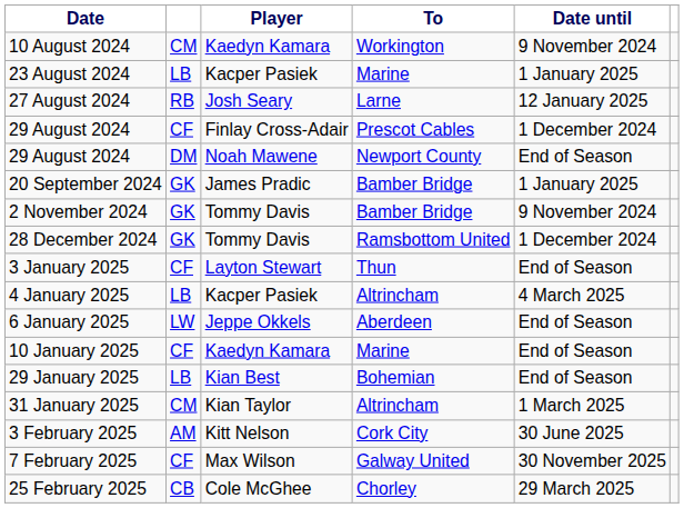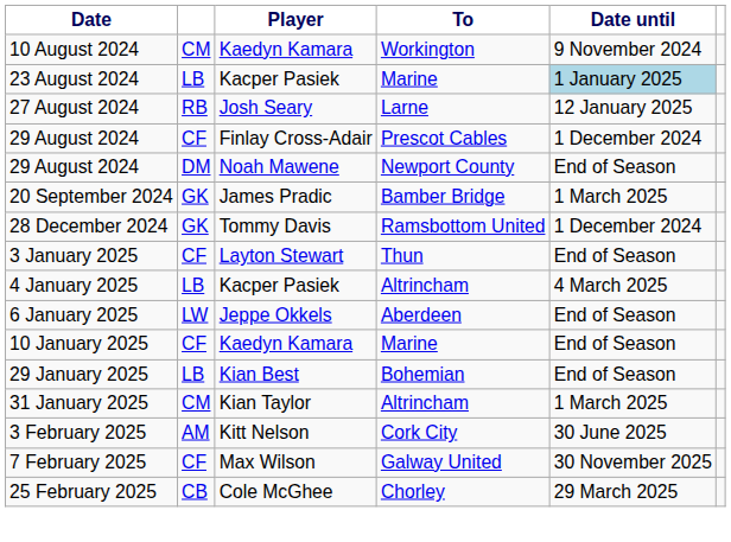 <table class="wikitable plainrowheaders sortable">
 <tr>
 <th style="background-color:#ffffff;color:#00005a; ">Date</th>
 <th style="background-color:#ffffff;color:#00005a; "></th>
 <th style="background-color:#ffffff;color:#00005a; ">Player</th>
 <th style="background-color:#ffffff;color:#00005a; ">To</th>
 <th style="background-color:#ffffff;color:#00005a; ">Date until</th>
 <th style="background-color:#ffffff;color:#00005a; "></th>
 </tr>
 <tr>
 <td>10 August 2024</td>
 <td><a href='#'>CM</a></td>
 <td> <a href='#'>Kaedyn Kamara</a></td>
 <td> <a href='#'>Workington</a></td>
 <td>9 November 2024</td>
 <td></td>
 </tr>
 <tr>
 <td>23 August 2024</td>
 <td><a href='#'>LB</a></td>
 <td> Kacper Pasiek</td>
 <td> <a href='#'>Marine</a></td>
-<td>1 January 2025</td>
+<td style="background: lightblue;">1 January 2025</td>
 <td></td>
 </tr>
 <tr>
 <td>27 August 2024</td>
 <td><a href='#'>RB</a></td>
 <td> <a href='#'>Josh Seary</a></td>
 <td> <a href='#'>Larne</a></td>
 <td>12 January 2025</td>
 <td></td>
 </tr>
 <tr>
 <td>29 August 2024</td>
 <td><a href='#'>CF</a></td>
 <td> Finlay Cross-Adair</td>
 <td> <a href='#'>Prescot Cables</a></td>
 <td>1 December 2024</td>
 <td></td>
 </tr>
 <tr>
 <td>29 August 2024</td>
 <td><a href='#'>DM</a></td>
 <td> <a href='#'>Noah Mawene</a></td>
 <td> <a href='#'>Newport County</a></td>
 <td>End of Season</td>
 <td></td>
 </tr>
 <tr>
 <td>20 September 2024</td>
 <td><a href='#'>GK</a></td>
 <td> James Pradic</td>
 <td> <a href='#'>Bamber Bridge</a></td>
-<td>1 January 2025</td>
-<td></td>
-</tr>
-<tr>
-<td>2 November 2024</td>
-<td><a href='#'>GK</a></td>
-<td> Tommy Davis</td>
-<td> <a href='#'>Bamber Bridge</a></td>
-<td>9 November 2024</td>
+<td>1 March 2025</td>
 <td></td>
 </tr>
 <tr>
 <td>28 December 2024</td>
 <td><a href='#'>GK</a></td>
 <td> Tommy Davis</td>
 <td> <a href='#'>Ramsbottom United</a></td>
 <td>1 December 2024</td>
 <td></td>
 </tr>
 <tr>
 <td>3 January 2025</td>
 <td><a href='#'>CF</a></td>
 <td> <a href='#'>Layton Stewart</a></td>
 <td> <a href='#'>Thun</a></td>
 <td>End of Season</td>
 <td></td>
 </tr>
 <tr>
 <td>4 January 2025</td>
 <td><a href='#'>LB</a></td>
 <td> Kacper Pasiek</td>
 <td> <a href='#'>Altrincham</a></td>
 <td>4 March 2025</td>
 <td></td>
 </tr>
 <tr>
 <td>6 January 2025</td>
 <td><a href='#'>LW</a></td>
 <td> <a href='#'>Jeppe Okkels</a></td>
 <td> <a href='#'>Aberdeen</a></td>
 <td>End of Season</td>
 <td></td>
 </tr>
 <tr>
 <td>10 January 2025</td>
 <td><a href='#'>CF</a></td>
 <td> <a href='#'>Kaedyn Kamara</a></td>
 <td> <a href='#'>Marine</a></td>
 <td>End of Season</td>
 <td></td>
 </tr>
 <tr>
 <td>29 January 2025</td>
 <td><a href='#'>LB</a></td>
 <td> <a href='#'>Kian Best</a></td>
 <td> <a href='#'>Bohemian</a></td>
 <td>End of Season</td>
 <td></td>
 </tr>
 <tr>
 <td>31 January 2025</td>
 <td><a href='#'>CM</a></td>
 <td> Kian Taylor</td>
 <td> <a href='#'>Altrincham</a></td>
 <td>1 March 2025</td>
 <td></td>
 </tr>
 <tr>
 <td>3 February 2025</td>
 <td><a href='#'>AM</a></td>
 <td> Kitt Nelson</td>
 <td> <a href='#'>Cork City</a></td>
 <td>30 June 2025</td>
 <td></td>
 </tr>
 <tr>
 <td>7 February 2025</td>
 <td><a href='#'>CF</a></td>
 <td> Max Wilson</td>
 <td> <a href='#'>Galway United</a></td>
 <td>30 November 2025</td>
 <td></td>
 </tr>
 <tr>
 <td>25 February 2025</td>
 <td><a href='#'>CB</a></td>
 <td> Cole McGhee</td>
 <td> <a href='#'>Chorley</a></td>
 <td>29 March 2025</td>
 <td></td>
 </tr>
 </table>
